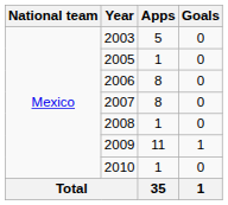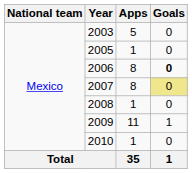 <table class="wikitable" style="text-align: center;">
 <tr>
 <th>National team</th>
 <th>Year</th>
 <th>Apps</th>
 <th>Goals</th>
 </tr>
 <tr>
 <td rowspan="7" valign="center"><a href='#'>Mexico</a></td>
 <td>2003</td>
 <td>5</td>
 <td>0</td>
 </tr>
 <tr>
 <td>2005</td>
 <td>1</td>
 <td>0</td>
 </tr>
 <tr>
 <td>2006</td>
 <td>8</td>
-<td>0</td>
+<td><strong>0</strong></td>
 </tr>
 <tr>
 <td>2007</td>
 <td>8</td>
-<td>0</td>
+<td style="background: khaki;">0</td>
 </tr>
 <tr>
 <td>2008</td>
 <td>1</td>
 <td>0</td>
 </tr>
 <tr>
 <td>2009</td>
 <td>11</td>
 <td>1</td>
 </tr>
 <tr>
 <td>2010</td>
 <td>1</td>
 <td>0</td>
 </tr>
 <tr>
 <th colspan="2">Total</th>
 <th>35</th>
 <th>1</th>
 </tr>
 </table>
